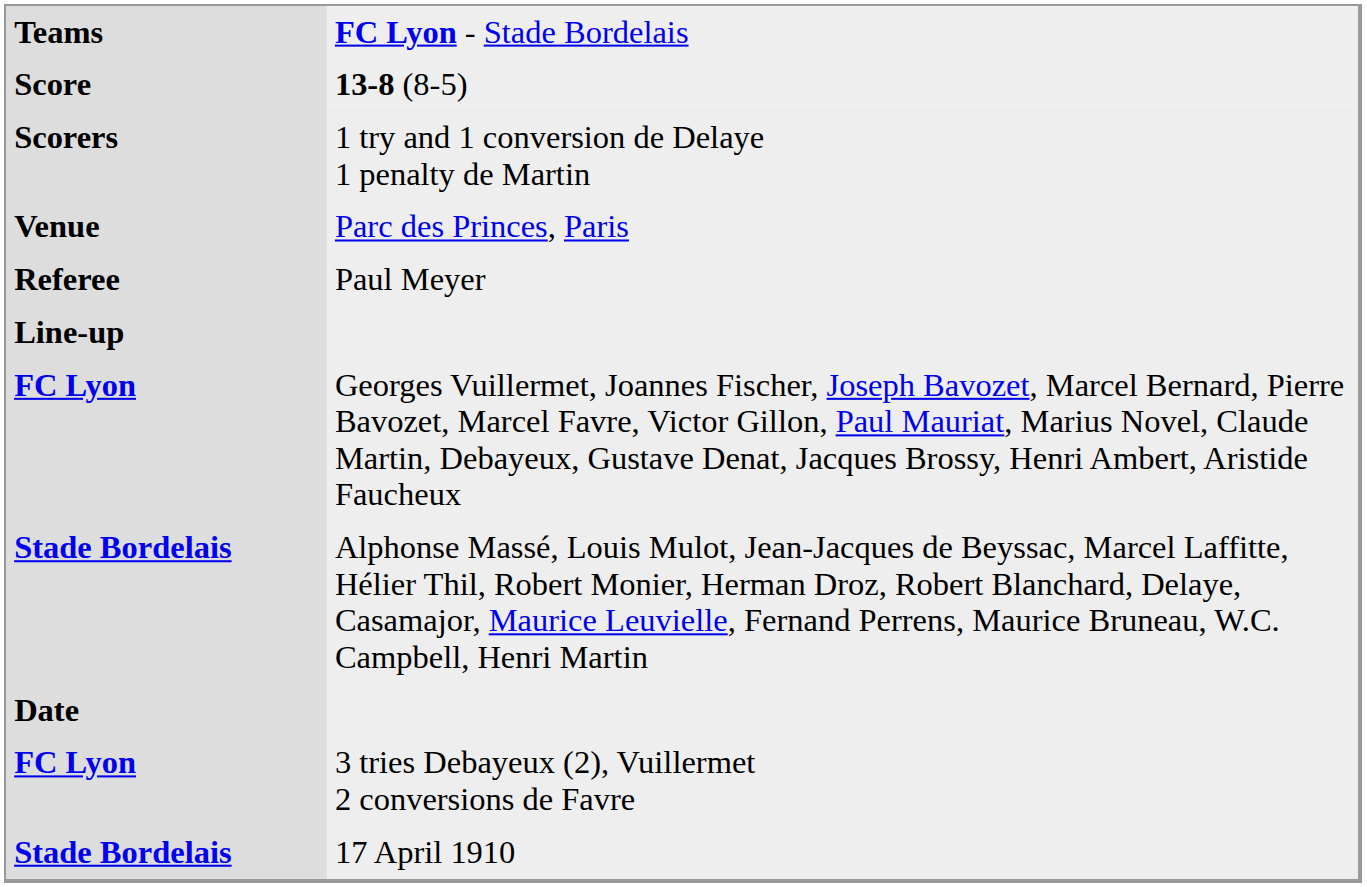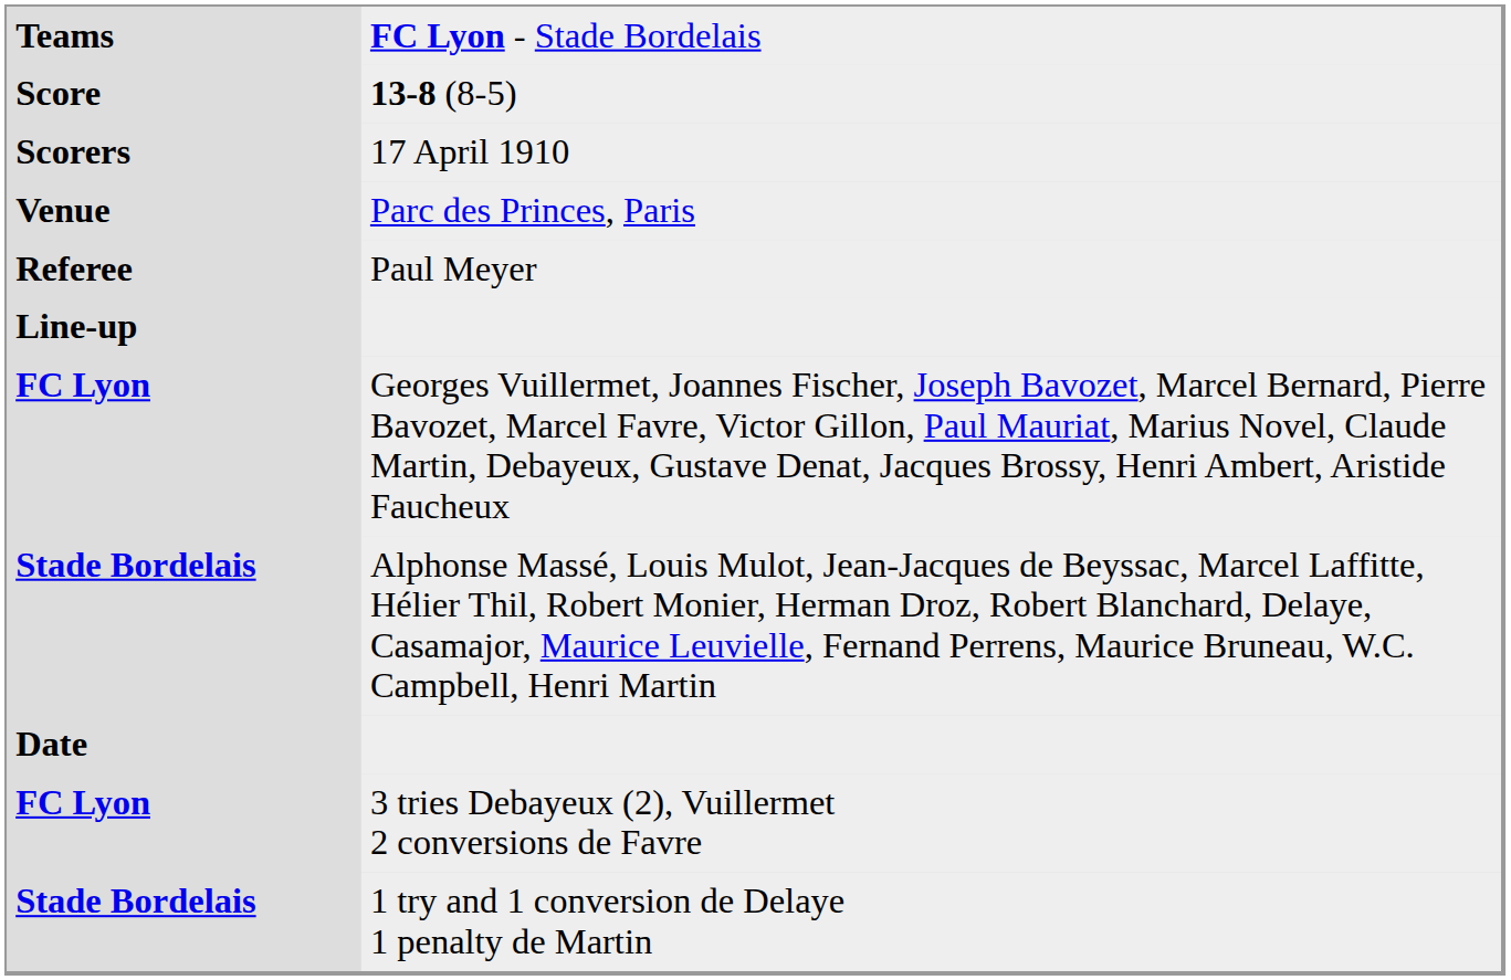 <table align="left" cellpadding="4" cellspacing="0"  style="margin: 0 0 0 0; border: 1px solid #999; border-right-width: 2px; border-bottom-width: 2px; background-color: #DDDDDD">
 <tr>
 <td width="150" valign="top"><strong>Teams</strong></td>
 <td width="500" bgcolor=#EEEEEE><strong><a href='#'>FC Lyon</a> </strong> - <a href='#'>Stade Bordelais</a></td>
 </tr>
 <tr>
 <td valign="top"><strong>Score</strong></td>
 <td bgcolor=#EEEEEE><strong>13-8</strong> (8-5)</td>
 </tr>
 <tr>
 <td valign="top"><strong>Scorers</strong></td>
-<td bgcolor=#EEEEEE>1 try and 1 conversion de Delaye<br>1 penalty de Martin</td>
+<td bgcolor=#EEEEEE>17 April 1910</td>
 </tr>
 <tr>
 <td valign="top"><strong>Venue</strong></td>
 <td bgcolor=#EEEEEE><a href='#'>Parc des Princes</a>, <a href='#'>Paris</a></td>
 </tr>
 <tr>
 <td valign="top"><strong>Referee</strong></td>
 <td bgcolor=#EEEEEE>Paul Meyer</td>
 </tr>
 <tr>
 <td valign="top"><strong>Line-up</strong></td>
 <td bgcolor=#EEEEEE></td>
 </tr>
 <tr>
 <td valign="top"><strong><a href='#'>FC Lyon</a> </strong></td>
 <td bgcolor=#EEEEEE>Georges Vuillermet, Joannes Fischer, <a href='#'>Joseph Bavozet</a>, Marcel Bernard, Pierre Bavozet, Marcel Favre, Victor Gillon, <a href='#'>Paul Mauriat</a>, Marius Novel, Claude Martin, Debayeux, Gustave Denat, Jacques Brossy, Henri Ambert, Aristide Faucheux</td>
 </tr>
 <tr>
 <td valign="top"><strong><a href='#'>Stade Bordelais</a> </strong></td>
 <td bgcolor=#EEEEEE>Alphonse Massé, Louis Mulot, Jean-Jacques de Beyssac, Marcel Laffitte, Hélier Thil, Robert Monier, Herman Droz, Robert Blanchard, Delaye, Casamajor, <a href='#'>Maurice Leuvielle</a>, Fernand Perrens, Maurice Bruneau, W.C. Campbell, Henri Martin</td>
 </tr>
 <tr>
 <td valign="top"><strong>Date</strong></td>
 <td bgcolor=#EEEEEE></td>
 </tr>
 <tr>
 <td valign="top"><strong><a href='#'>FC Lyon</a>  </strong></td>
 <td bgcolor=#EEEEEE>3 tries Debayeux (2), Vuillermet<br>2 conversions de Favre</td>
 </tr>
 <tr>
 <td valign="top"><strong><a href='#'>Stade Bordelais</a> </strong></td>
-<td bgcolor=#EEEEEE>17 April 1910</td>
+<td bgcolor=#EEEEEE>1 try and 1 conversion de Delaye<br>1 penalty de Martin</td>
 </tr>
 </table>
